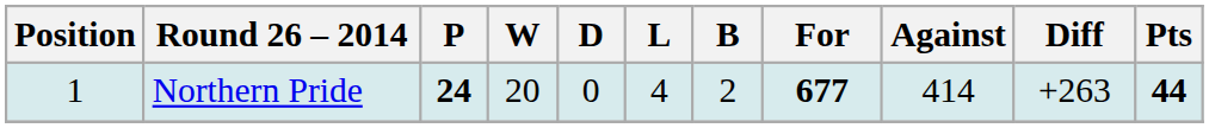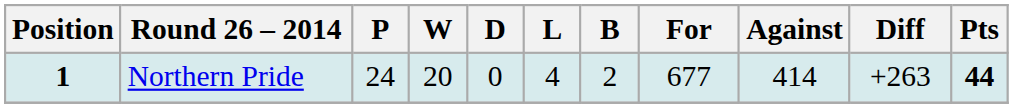 <table class="wikitable" style="text-align:center; font-size:85%;">
 <tr>
 <th width=40 abbr="Position">Position</th>
 <th width=100>Round 26 – 2014</th>
 <th width=20 abbr="Played">P</th>
 <th width=20 abbr="Won">W</th>
 <th width=20 abbr="Drawn">D</th>
 <th width=20 abbr="Lost">L</th>
 <th width=20 abbr="Bye">B</th>
 <th width=40 abbr="Points for">For</th>
 <th width=40 abbr="Points against">Against</th>
 <th width=40 abbr="Points difference">Diff</th>
 <th width=20 abbr="Points">Pts</th>
 </tr>
 <tr style="background: #d7ebed;">
-<td>1</td>
+<td><strong>1</strong></td>
 <td style="text-align:left;"> <a href='#'>Northern Pride</a></td>
-<td><strong>24</strong></td>
+<td>24</td>
 <td>20</td>
 <td>0</td>
 <td>4</td>
 <td>2</td>
-<td><strong>677</strong></td>
+<td>677</td>
 <td>414</td>
 <td>+263</td>
 <td><strong>44</strong></td>
 </tr>
 <tr>
 </tr>
 </table>
